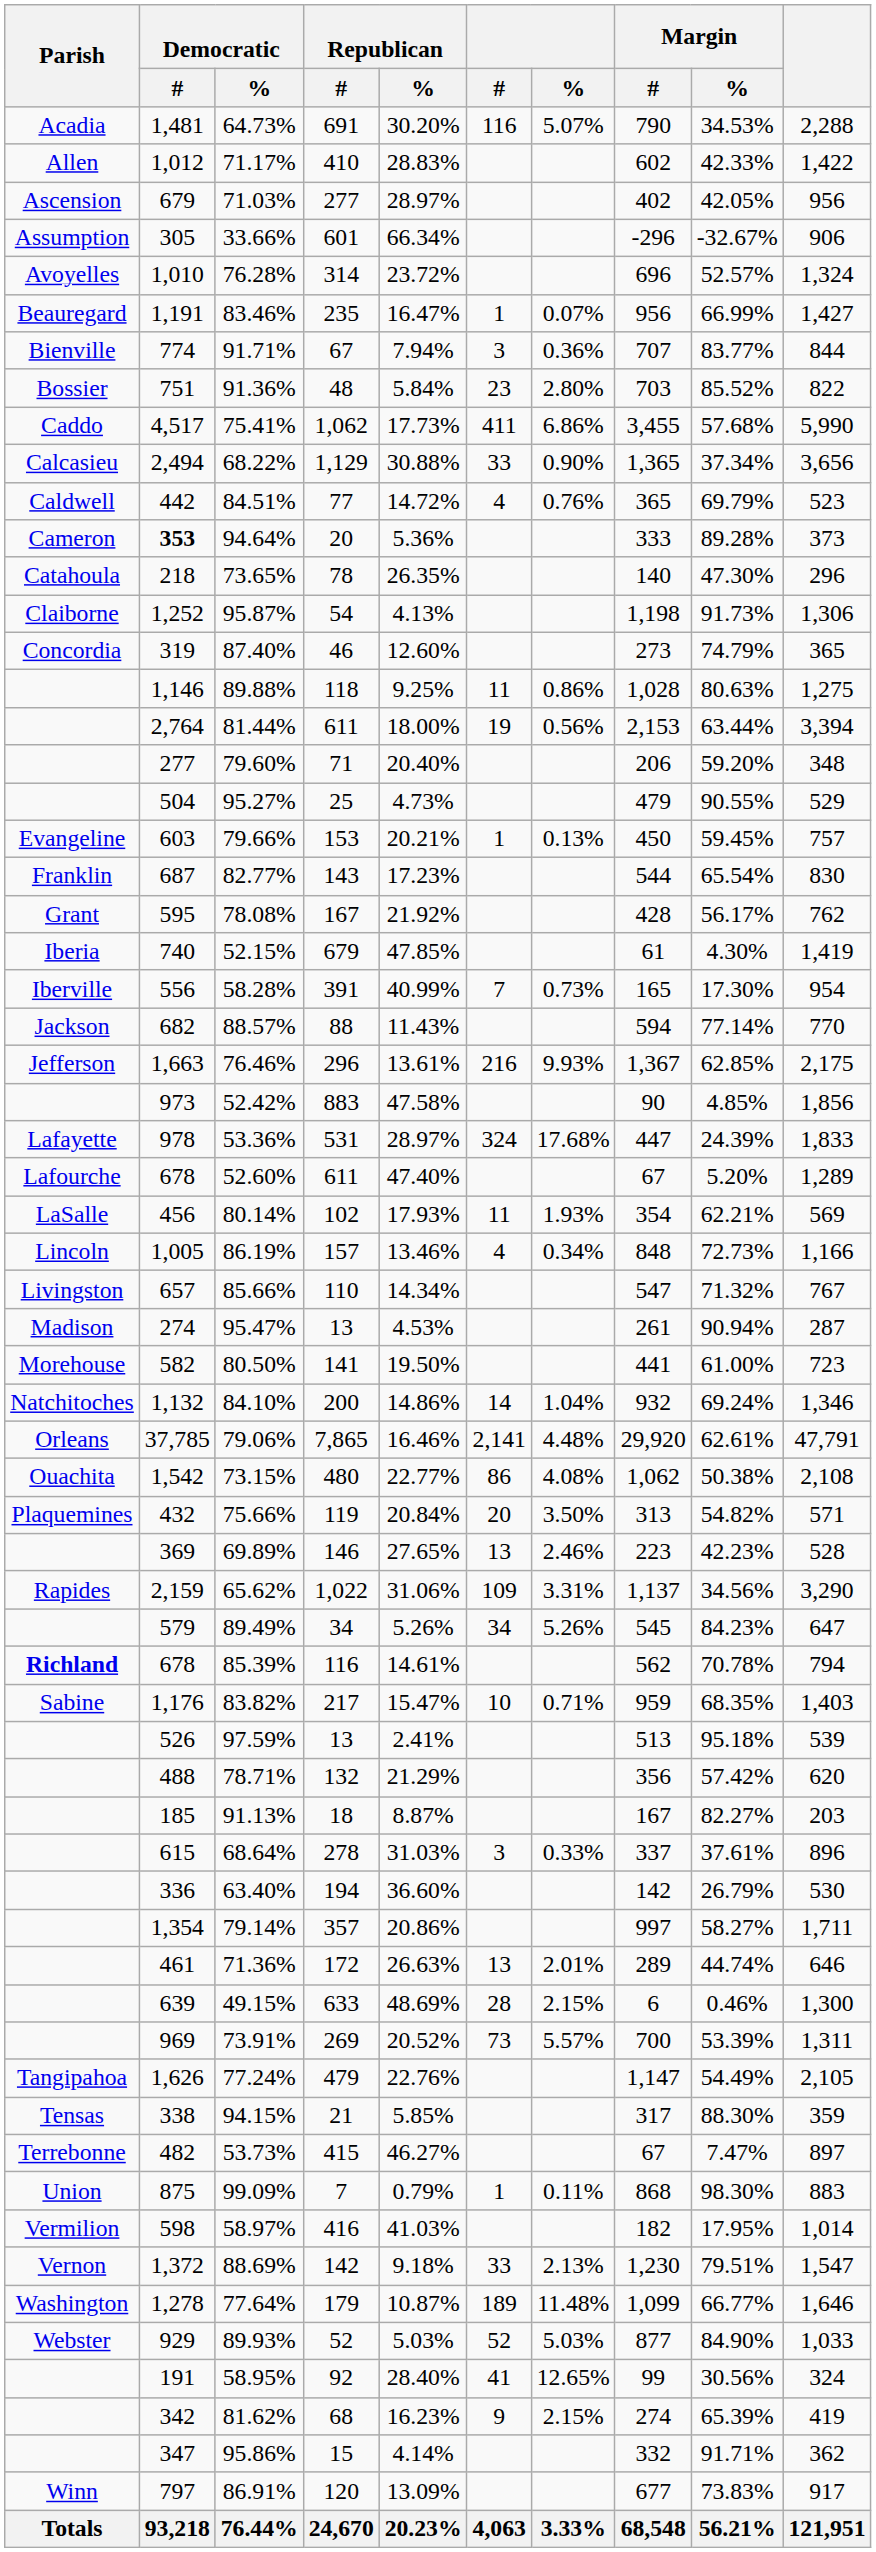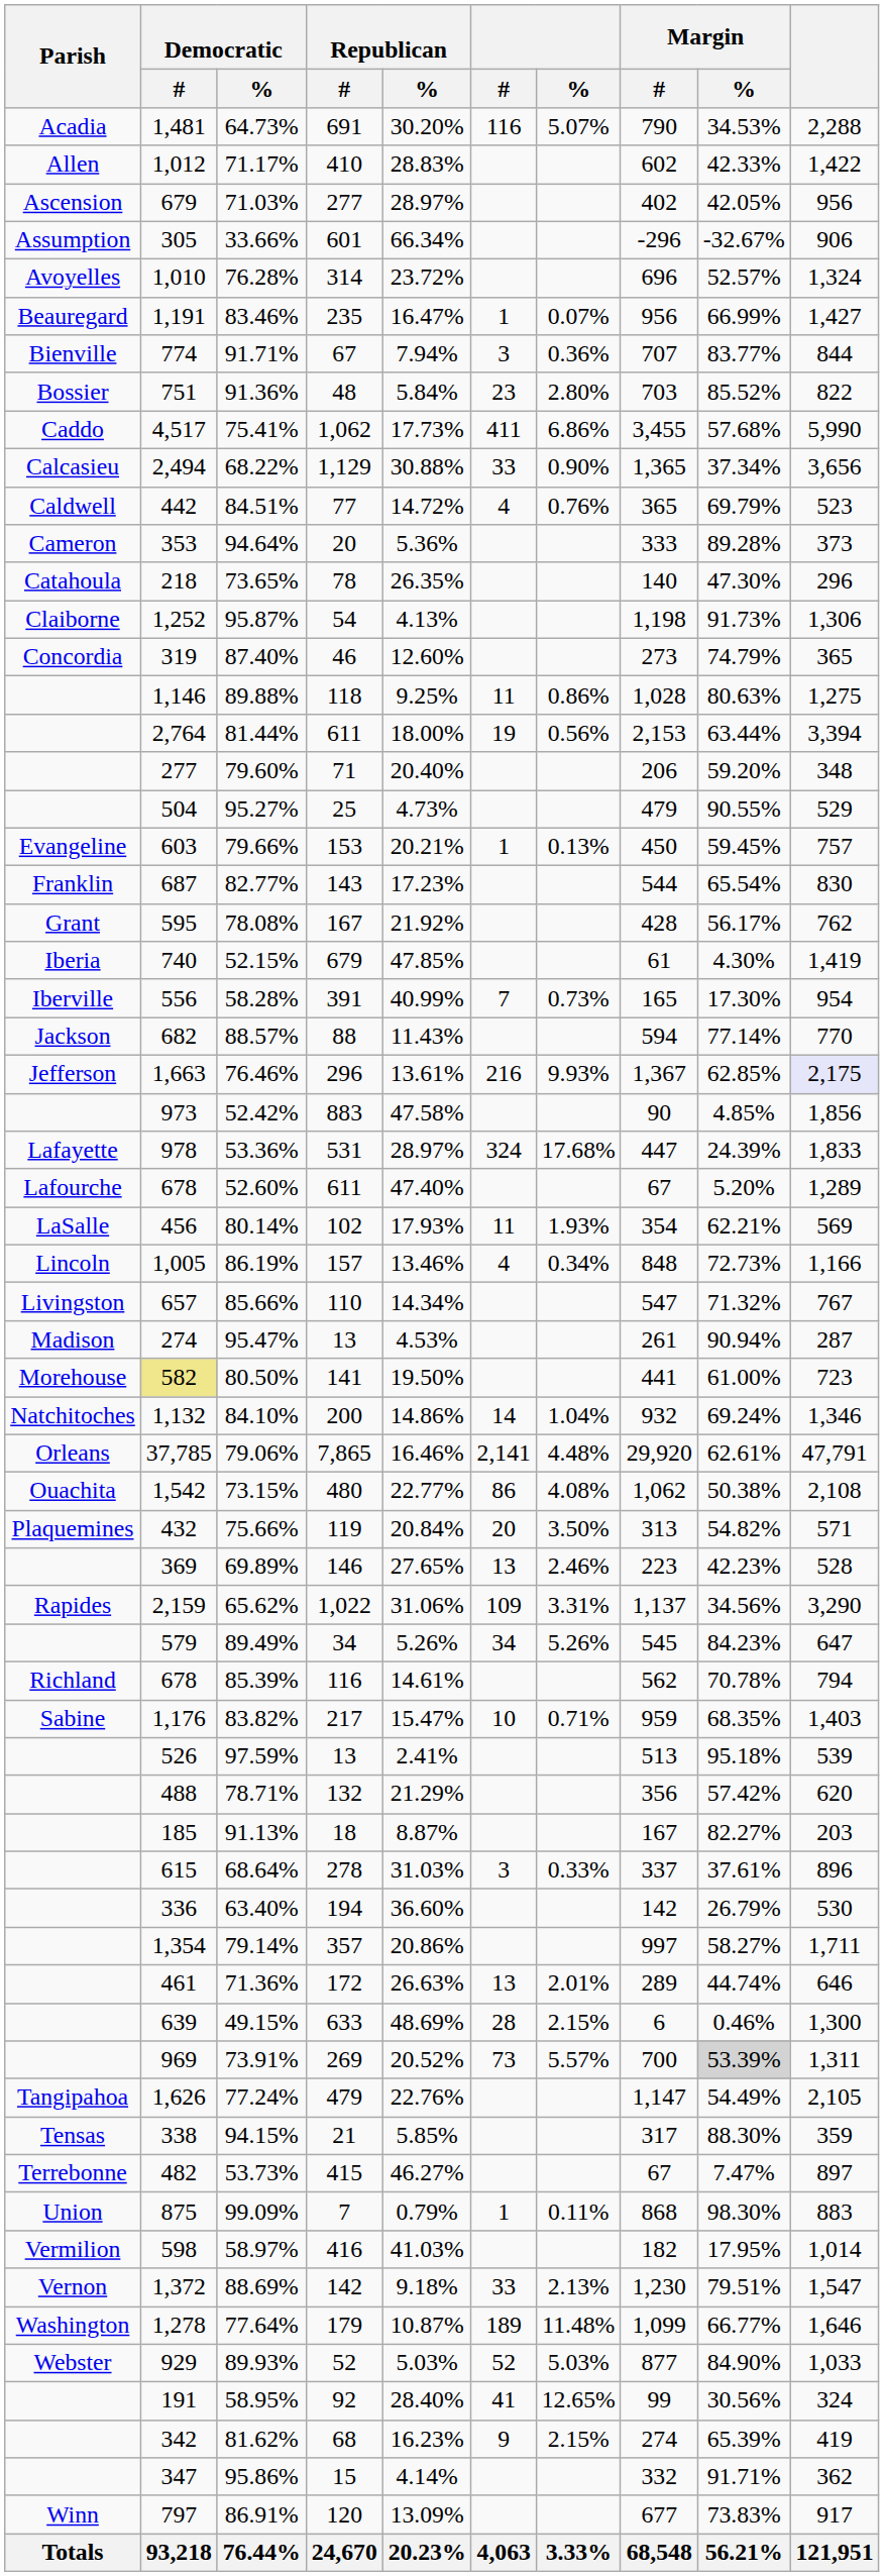 <table class="wikitable sortable mw-collapsible mw-collapsed">
 <tr>
 <th rowspan="2">Parish</th>
 <th colspan="2"><br>Democratic</th>
 <th colspan="2"><br>Republican</th>
 <th colspan="2"><br></th>
 <th colspan="2">Margin</th>
 <th rowspan="2"></th>
 </tr>
 <tr style="text-align:center;">
 <th data-sort-type="number">#</th>
 <th data-sort-type="number">%</th>
 <th data-sort-type="number">#</th>
 <th data-sort-type="number">%</th>
 <th data-sort-type="number">#</th>
 <th data-sort-type="number">%</th>
 <th data-sort-type="number">#</th>
 <th data-sort-type="number">%</th>
 </tr>
 <tr style="text-align:center;">
 <td><a href='#'>Acadia</a></td>
 <td>1,481</td>
 <td>64.73%</td>
 <td>691</td>
 <td>30.20%</td>
 <td>116</td>
 <td>5.07%</td>
 <td>790</td>
 <td>34.53%</td>
 <td>2,288</td>
 </tr>
 <tr style="text-align:center;">
 <td><a href='#'>Allen</a></td>
 <td>1,012</td>
 <td>71.17%</td>
 <td>410</td>
 <td>28.83%</td>
 <td></td>
 <td></td>
 <td>602</td>
 <td>42.33%</td>
 <td>1,422</td>
 </tr>
 <tr style="text-align:center;">
 <td><a href='#'>Ascension</a></td>
 <td>679</td>
 <td>71.03%</td>
 <td>277</td>
 <td>28.97%</td>
 <td></td>
 <td></td>
 <td>402</td>
 <td>42.05%</td>
 <td>956</td>
 </tr>
 <tr style="text-align:center;">
 <td><a href='#'>Assumption</a></td>
 <td>305</td>
 <td>33.66%</td>
 <td>601</td>
 <td>66.34%</td>
 <td></td>
 <td></td>
 <td>-296</td>
 <td>-32.67%</td>
 <td>906</td>
 </tr>
 <tr style="text-align:center;">
 <td><a href='#'>Avoyelles</a></td>
 <td>1,010</td>
 <td>76.28%</td>
 <td>314</td>
 <td>23.72%</td>
 <td></td>
 <td></td>
 <td>696</td>
 <td>52.57%</td>
 <td>1,324</td>
 </tr>
 <tr style="text-align:center;">
 <td><a href='#'>Beauregard</a></td>
 <td>1,191</td>
 <td>83.46%</td>
 <td>235</td>
 <td>16.47%</td>
 <td>1</td>
 <td>0.07%</td>
 <td>956</td>
 <td>66.99%</td>
 <td>1,427</td>
 </tr>
 <tr style="text-align:center;">
 <td><a href='#'>Bienville</a></td>
 <td>774</td>
 <td>91.71%</td>
 <td>67</td>
 <td>7.94%</td>
 <td>3</td>
 <td>0.36%</td>
 <td>707</td>
 <td>83.77%</td>
 <td>844</td>
 </tr>
 <tr style="text-align:center;">
 <td><a href='#'>Bossier</a></td>
 <td>751</td>
 <td>91.36%</td>
 <td>48</td>
 <td>5.84%</td>
 <td>23</td>
 <td>2.80%</td>
 <td>703</td>
 <td>85.52%</td>
 <td>822</td>
 </tr>
 <tr style="text-align:center;">
 <td><a href='#'>Caddo</a></td>
 <td>4,517</td>
 <td>75.41%</td>
 <td>1,062</td>
 <td>17.73%</td>
 <td>411</td>
 <td>6.86%</td>
 <td>3,455</td>
 <td>57.68%</td>
 <td>5,990</td>
 </tr>
 <tr style="text-align:center;">
 <td><a href='#'>Calcasieu</a></td>
 <td>2,494</td>
 <td>68.22%</td>
 <td>1,129</td>
 <td>30.88%</td>
 <td>33</td>
 <td>0.90%</td>
 <td>1,365</td>
 <td>37.34%</td>
 <td>3,656</td>
 </tr>
 <tr style="text-align:center;">
 <td><a href='#'>Caldwell</a></td>
 <td>442</td>
 <td>84.51%</td>
 <td>77</td>
 <td>14.72%</td>
 <td>4</td>
 <td>0.76%</td>
 <td>365</td>
 <td>69.79%</td>
 <td>523</td>
 </tr>
 <tr style="text-align:center;">
 <td><a href='#'>Cameron</a></td>
-<td><strong>353</strong></td>
+<td>353</td>
 <td>94.64%</td>
 <td>20</td>
 <td>5.36%</td>
 <td></td>
 <td></td>
 <td>333</td>
 <td>89.28%</td>
 <td>373</td>
 </tr>
 <tr style="text-align:center;">
 <td><a href='#'>Catahoula</a></td>
 <td>218</td>
 <td>73.65%</td>
 <td>78</td>
 <td>26.35%</td>
 <td></td>
 <td></td>
 <td>140</td>
 <td>47.30%</td>
 <td>296</td>
 </tr>
 <tr style="text-align:center;">
 <td><a href='#'>Claiborne</a></td>
 <td>1,252</td>
 <td>95.87%</td>
 <td>54</td>
 <td>4.13%</td>
 <td></td>
 <td></td>
 <td>1,198</td>
 <td>91.73%</td>
 <td>1,306</td>
 </tr>
 <tr style="text-align:center;">
 <td><a href='#'>Concordia</a></td>
 <td>319</td>
 <td>87.40%</td>
 <td>46</td>
 <td>12.60%</td>
 <td></td>
 <td></td>
 <td>273</td>
 <td>74.79%</td>
 <td>365</td>
 </tr>
 <tr style="text-align:center;">
 <td></td>
 <td>1,146</td>
 <td>89.88%</td>
 <td>118</td>
 <td>9.25%</td>
 <td>11</td>
 <td>0.86%</td>
 <td>1,028</td>
 <td>80.63%</td>
 <td>1,275</td>
 </tr>
 <tr style="text-align:center;">
 <td></td>
 <td>2,764</td>
 <td>81.44%</td>
 <td>611</td>
 <td>18.00%</td>
 <td>19</td>
 <td>0.56%</td>
 <td>2,153</td>
 <td>63.44%</td>
 <td>3,394</td>
 </tr>
 <tr style="text-align:center;">
 <td></td>
 <td>277</td>
 <td>79.60%</td>
 <td>71</td>
 <td>20.40%</td>
 <td></td>
 <td></td>
 <td>206</td>
 <td>59.20%</td>
 <td>348</td>
 </tr>
 <tr style="text-align:center;">
 <td></td>
 <td>504</td>
 <td>95.27%</td>
 <td>25</td>
 <td>4.73%</td>
 <td></td>
 <td></td>
 <td>479</td>
 <td>90.55%</td>
 <td>529</td>
 </tr>
 <tr style="text-align:center;">
 <td><a href='#'>Evangeline</a></td>
 <td>603</td>
 <td>79.66%</td>
 <td>153</td>
 <td>20.21%</td>
 <td>1</td>
 <td>0.13%</td>
 <td>450</td>
 <td>59.45%</td>
 <td>757</td>
 </tr>
 <tr style="text-align:center;">
 <td><a href='#'>Franklin</a></td>
 <td>687</td>
 <td>82.77%</td>
 <td>143</td>
 <td>17.23%</td>
 <td></td>
 <td></td>
 <td>544</td>
 <td>65.54%</td>
 <td>830</td>
 </tr>
 <tr style="text-align:center;">
 <td><a href='#'>Grant</a></td>
 <td>595</td>
 <td>78.08%</td>
 <td>167</td>
 <td>21.92%</td>
 <td></td>
 <td></td>
 <td>428</td>
 <td>56.17%</td>
 <td>762</td>
 </tr>
 <tr style="text-align:center;">
 <td><a href='#'>Iberia</a></td>
 <td>740</td>
 <td>52.15%</td>
 <td>679</td>
 <td>47.85%</td>
 <td></td>
 <td></td>
 <td>61</td>
 <td>4.30%</td>
 <td>1,419</td>
 </tr>
 <tr style="text-align:center;">
 <td><a href='#'>Iberville</a></td>
 <td>556</td>
 <td>58.28%</td>
 <td>391</td>
 <td>40.99%</td>
 <td>7</td>
 <td>0.73%</td>
 <td>165</td>
 <td>17.30%</td>
 <td>954</td>
 </tr>
 <tr style="text-align:center;">
 <td><a href='#'>Jackson</a></td>
 <td>682</td>
 <td>88.57%</td>
 <td>88</td>
 <td>11.43%</td>
 <td></td>
 <td></td>
 <td>594</td>
 <td>77.14%</td>
 <td>770</td>
 </tr>
 <tr style="text-align:center;">
 <td><a href='#'>Jefferson</a></td>
 <td>1,663</td>
 <td>76.46%</td>
 <td>296</td>
 <td>13.61%</td>
 <td>216</td>
 <td>9.93%</td>
 <td>1,367</td>
 <td>62.85%</td>
-<td>2,175</td>
+<td style="background: lavender;">2,175</td>
 </tr>
 <tr style="text-align:center;">
 <td></td>
 <td>973</td>
 <td>52.42%</td>
 <td>883</td>
 <td>47.58%</td>
 <td></td>
 <td></td>
 <td>90</td>
 <td>4.85%</td>
 <td>1,856</td>
 </tr>
 <tr style="text-align:center;">
 <td><a href='#'>Lafayette</a></td>
 <td>978</td>
 <td>53.36%</td>
 <td>531</td>
 <td>28.97%</td>
 <td>324</td>
 <td>17.68%</td>
 <td>447</td>
 <td>24.39%</td>
 <td>1,833</td>
 </tr>
 <tr style="text-align:center;">
 <td><a href='#'>Lafourche</a></td>
 <td>678</td>
 <td>52.60%</td>
 <td>611</td>
 <td>47.40%</td>
 <td></td>
 <td></td>
 <td>67</td>
 <td>5.20%</td>
 <td>1,289</td>
 </tr>
 <tr style="text-align:center;">
 <td><a href='#'>LaSalle</a></td>
 <td>456</td>
 <td>80.14%</td>
 <td>102</td>
 <td>17.93%</td>
 <td>11</td>
 <td>1.93%</td>
 <td>354</td>
 <td>62.21%</td>
 <td>569</td>
 </tr>
 <tr style="text-align:center;">
 <td><a href='#'>Lincoln</a></td>
 <td>1,005</td>
 <td>86.19%</td>
 <td>157</td>
 <td>13.46%</td>
 <td>4</td>
 <td>0.34%</td>
 <td>848</td>
 <td>72.73%</td>
 <td>1,166</td>
 </tr>
 <tr style="text-align:center;">
 <td><a href='#'>Livingston</a></td>
 <td>657</td>
 <td>85.66%</td>
 <td>110</td>
 <td>14.34%</td>
 <td></td>
 <td></td>
 <td>547</td>
 <td>71.32%</td>
 <td>767</td>
 </tr>
 <tr style="text-align:center;">
 <td><a href='#'>Madison</a></td>
 <td>274</td>
 <td>95.47%</td>
 <td>13</td>
 <td>4.53%</td>
 <td></td>
 <td></td>
 <td>261</td>
 <td>90.94%</td>
 <td>287</td>
 </tr>
 <tr style="text-align:center;">
 <td><a href='#'>Morehouse</a></td>
-<td>582</td>
+<td style="background: khaki;">582</td>
 <td>80.50%</td>
 <td>141</td>
 <td>19.50%</td>
 <td></td>
 <td></td>
 <td>441</td>
 <td>61.00%</td>
 <td>723</td>
 </tr>
 <tr style="text-align:center;">
 <td><a href='#'>Natchitoches</a></td>
 <td>1,132</td>
 <td>84.10%</td>
 <td>200</td>
 <td>14.86%</td>
 <td>14</td>
 <td>1.04%</td>
 <td>932</td>
 <td>69.24%</td>
 <td>1,346</td>
 </tr>
 <tr style="text-align:center;">
 <td><a href='#'>Orleans</a></td>
 <td>37,785</td>
 <td>79.06%</td>
 <td>7,865</td>
 <td>16.46%</td>
 <td>2,141</td>
 <td>4.48%</td>
 <td>29,920</td>
 <td>62.61%</td>
 <td>47,791</td>
 </tr>
 <tr style="text-align:center;">
 <td><a href='#'>Ouachita</a></td>
 <td>1,542</td>
 <td>73.15%</td>
 <td>480</td>
 <td>22.77%</td>
 <td>86</td>
 <td>4.08%</td>
 <td>1,062</td>
 <td>50.38%</td>
 <td>2,108</td>
 </tr>
 <tr style="text-align:center;">
 <td><a href='#'>Plaquemines</a></td>
 <td>432</td>
 <td>75.66%</td>
 <td>119</td>
 <td>20.84%</td>
 <td>20</td>
 <td>3.50%</td>
 <td>313</td>
 <td>54.82%</td>
 <td>571</td>
 </tr>
 <tr style="text-align:center;">
 <td></td>
 <td>369</td>
 <td>69.89%</td>
 <td>146</td>
 <td>27.65%</td>
 <td>13</td>
 <td>2.46%</td>
 <td>223</td>
 <td>42.23%</td>
 <td>528</td>
 </tr>
 <tr style="text-align:center;">
 <td><a href='#'>Rapides</a></td>
 <td>2,159</td>
 <td>65.62%</td>
 <td>1,022</td>
 <td>31.06%</td>
 <td>109</td>
 <td>3.31%</td>
 <td>1,137</td>
 <td>34.56%</td>
 <td>3,290</td>
 </tr>
 <tr style="text-align:center;">
 <td></td>
 <td>579</td>
 <td>89.49%</td>
 <td>34</td>
 <td>5.26%</td>
 <td>34</td>
 <td>5.26%</td>
 <td>545</td>
 <td>84.23%</td>
 <td>647</td>
 </tr>
 <tr style="text-align:center;">
-<td><strong><a href='#'>Richland</a></strong></td>
+<td><a href='#'>Richland</a></td>
 <td>678</td>
 <td>85.39%</td>
 <td>116</td>
 <td>14.61%</td>
 <td></td>
 <td></td>
 <td>562</td>
 <td>70.78%</td>
 <td>794</td>
 </tr>
 <tr style="text-align:center;">
 <td><a href='#'>Sabine</a></td>
 <td>1,176</td>
 <td>83.82%</td>
 <td>217</td>
 <td>15.47%</td>
 <td>10</td>
 <td>0.71%</td>
 <td>959</td>
 <td>68.35%</td>
 <td>1,403</td>
 </tr>
 <tr style="text-align:center;">
 <td></td>
 <td>526</td>
 <td>97.59%</td>
 <td>13</td>
 <td>2.41%</td>
 <td></td>
 <td></td>
 <td>513</td>
 <td>95.18%</td>
 <td>539</td>
 </tr>
 <tr style="text-align:center;">
 <td></td>
 <td>488</td>
 <td>78.71%</td>
 <td>132</td>
 <td>21.29%</td>
 <td></td>
 <td></td>
 <td>356</td>
 <td>57.42%</td>
 <td>620</td>
 </tr>
 <tr style="text-align:center;">
 <td></td>
 <td>185</td>
 <td>91.13%</td>
 <td>18</td>
 <td>8.87%</td>
 <td></td>
 <td></td>
 <td>167</td>
 <td>82.27%</td>
 <td>203</td>
 </tr>
 <tr style="text-align:center;">
 <td></td>
 <td>615</td>
 <td>68.64%</td>
 <td>278</td>
 <td>31.03%</td>
 <td>3</td>
 <td>0.33%</td>
 <td>337</td>
 <td>37.61%</td>
 <td>896</td>
 </tr>
 <tr style="text-align:center;">
 <td></td>
 <td>336</td>
 <td>63.40%</td>
 <td>194</td>
 <td>36.60%</td>
 <td></td>
 <td></td>
 <td>142</td>
 <td>26.79%</td>
 <td>530</td>
 </tr>
 <tr style="text-align:center;">
 <td></td>
 <td>1,354</td>
 <td>79.14%</td>
 <td>357</td>
 <td>20.86%</td>
 <td></td>
 <td></td>
 <td>997</td>
 <td>58.27%</td>
 <td>1,711</td>
 </tr>
 <tr style="text-align:center;">
 <td></td>
 <td>461</td>
 <td>71.36%</td>
 <td>172</td>
 <td>26.63%</td>
 <td>13</td>
 <td>2.01%</td>
 <td>289</td>
 <td>44.74%</td>
 <td>646</td>
 </tr>
 <tr style="text-align:center;">
 <td></td>
 <td>639</td>
 <td>49.15%</td>
 <td>633</td>
 <td>48.69%</td>
 <td>28</td>
 <td>2.15%</td>
 <td>6</td>
 <td>0.46%</td>
 <td>1,300</td>
 </tr>
 <tr style="text-align:center;">
 <td></td>
 <td>969</td>
 <td>73.91%</td>
 <td>269</td>
 <td>20.52%</td>
 <td>73</td>
 <td>5.57%</td>
 <td>700</td>
-<td>53.39%</td>
+<td style="background: lightgrey;">53.39%</td>
 <td>1,311</td>
 </tr>
 <tr style="text-align:center;">
 <td><a href='#'>Tangipahoa</a></td>
 <td>1,626</td>
 <td>77.24%</td>
 <td>479</td>
 <td>22.76%</td>
 <td></td>
 <td></td>
 <td>1,147</td>
 <td>54.49%</td>
 <td>2,105</td>
 </tr>
 <tr style="text-align:center;">
 <td><a href='#'>Tensas</a></td>
 <td>338</td>
 <td>94.15%</td>
 <td>21</td>
 <td>5.85%</td>
 <td></td>
 <td></td>
 <td>317</td>
 <td>88.30%</td>
 <td>359</td>
 </tr>
 <tr style="text-align:center;">
 <td><a href='#'>Terrebonne</a></td>
 <td>482</td>
 <td>53.73%</td>
 <td>415</td>
 <td>46.27%</td>
 <td></td>
 <td></td>
 <td>67</td>
 <td>7.47%</td>
 <td>897</td>
 </tr>
 <tr style="text-align:center;">
 <td><a href='#'>Union</a></td>
 <td>875</td>
 <td>99.09%</td>
 <td>7</td>
 <td>0.79%</td>
 <td>1</td>
 <td>0.11%</td>
 <td>868</td>
 <td>98.30%</td>
 <td>883</td>
 </tr>
 <tr style="text-align:center;">
 <td><a href='#'>Vermilion</a></td>
 <td>598</td>
 <td>58.97%</td>
 <td>416</td>
 <td>41.03%</td>
 <td></td>
 <td></td>
 <td>182</td>
 <td>17.95%</td>
 <td>1,014</td>
 </tr>
 <tr style="text-align:center;">
 <td><a href='#'>Vernon</a></td>
 <td>1,372</td>
 <td>88.69%</td>
 <td>142</td>
 <td>9.18%</td>
 <td>33</td>
 <td>2.13%</td>
 <td>1,230</td>
 <td>79.51%</td>
 <td>1,547</td>
 </tr>
 <tr style="text-align:center;">
 <td><a href='#'>Washington</a></td>
 <td>1,278</td>
 <td>77.64%</td>
 <td>179</td>
 <td>10.87%</td>
 <td>189</td>
 <td>11.48%</td>
 <td>1,099</td>
 <td>66.77%</td>
 <td>1,646</td>
 </tr>
 <tr style="text-align:center;">
 <td><a href='#'>Webster</a></td>
 <td>929</td>
 <td>89.93%</td>
 <td>52</td>
 <td>5.03%</td>
 <td>52</td>
 <td>5.03%</td>
 <td>877</td>
 <td>84.90%</td>
 <td>1,033</td>
 </tr>
 <tr style="text-align:center;">
 <td></td>
 <td>191</td>
 <td>58.95%</td>
 <td>92</td>
 <td>28.40%</td>
 <td>41</td>
 <td>12.65%</td>
 <td>99</td>
 <td>30.56%</td>
 <td>324</td>
 </tr>
 <tr style="text-align:center;">
 <td></td>
 <td>342</td>
 <td>81.62%</td>
 <td>68</td>
 <td>16.23%</td>
 <td>9</td>
 <td>2.15%</td>
 <td>274</td>
 <td>65.39%</td>
 <td>419</td>
 </tr>
 <tr style="text-align:center;">
 <td></td>
 <td>347</td>
 <td>95.86%</td>
 <td>15</td>
 <td>4.14%</td>
 <td></td>
 <td></td>
 <td>332</td>
 <td>91.71%</td>
 <td>362</td>
 </tr>
 <tr style="text-align:center;">
 <td><a href='#'>Winn</a></td>
 <td>797</td>
 <td>86.91%</td>
 <td>120</td>
 <td>13.09%</td>
 <td></td>
 <td></td>
 <td>677</td>
 <td>73.83%</td>
 <td>917</td>
 </tr>
 <tr style="text-align:center;">
 <th>Totals</th>
 <th>93,218</th>
 <th>76.44%</th>
 <th>24,670</th>
 <th>20.23%</th>
 <th>4,063</th>
 <th>3.33%</th>
 <th>68,548</th>
 <th>56.21%</th>
 <th>121,951</th>
 </tr>
 </table>
